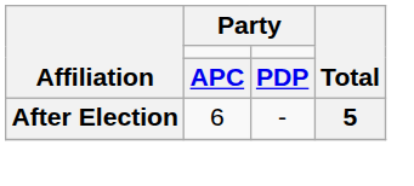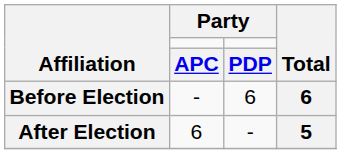 <table class=wikitable style="text-align:center">
 <tr style="vertical-align:bottom;">
 <th rowspan=3>Affiliation</th>
 <th colspan=2>Party</th>
 <th rowspan=3>Total</th>
 </tr>
 <tr>
 <td style="background-color:"></td>
 <td style="background-color:"></td>
 </tr>
 <tr>
 <th><a href='#'>APC</a></th>
 <th><a href='#'>PDP</a></th>
 </tr>
 <tr>
+<th>Before Election</th>
+<td>-</td>
+<td>6</td>
+<th>6</th>
+</tr>
+<tr>
 <th>After Election</th>
 <td>6</td>
 <td>-</td>
 <th>5</th>
 </tr>
 <tr>
 </tr>
 </table>
